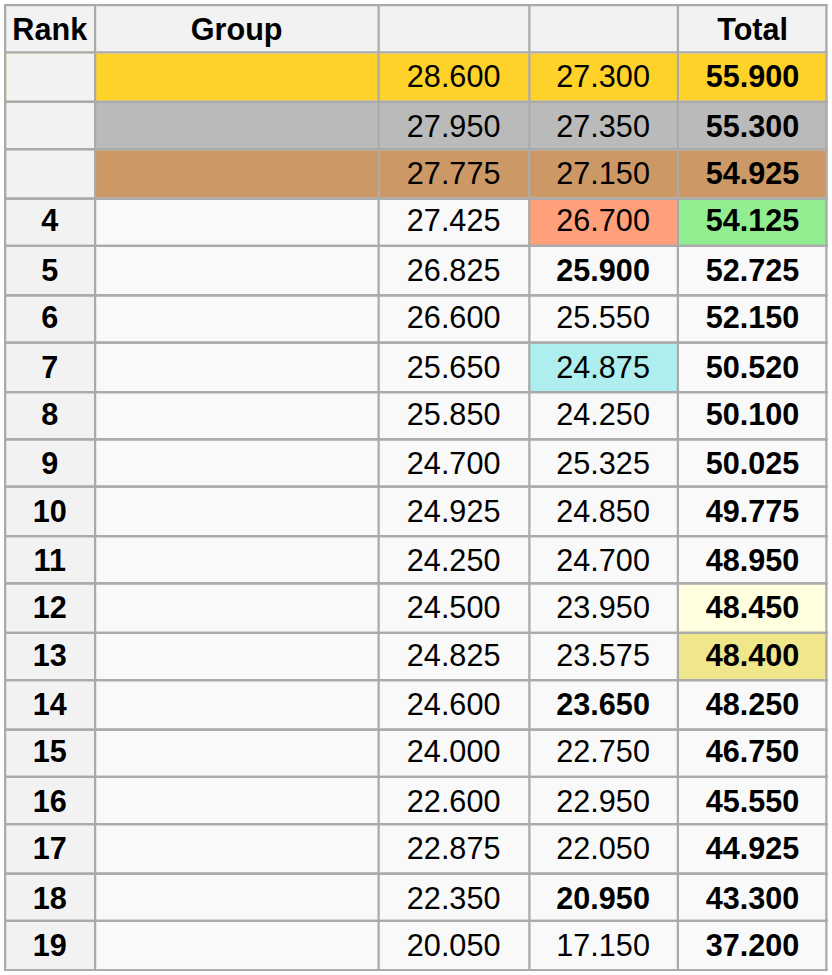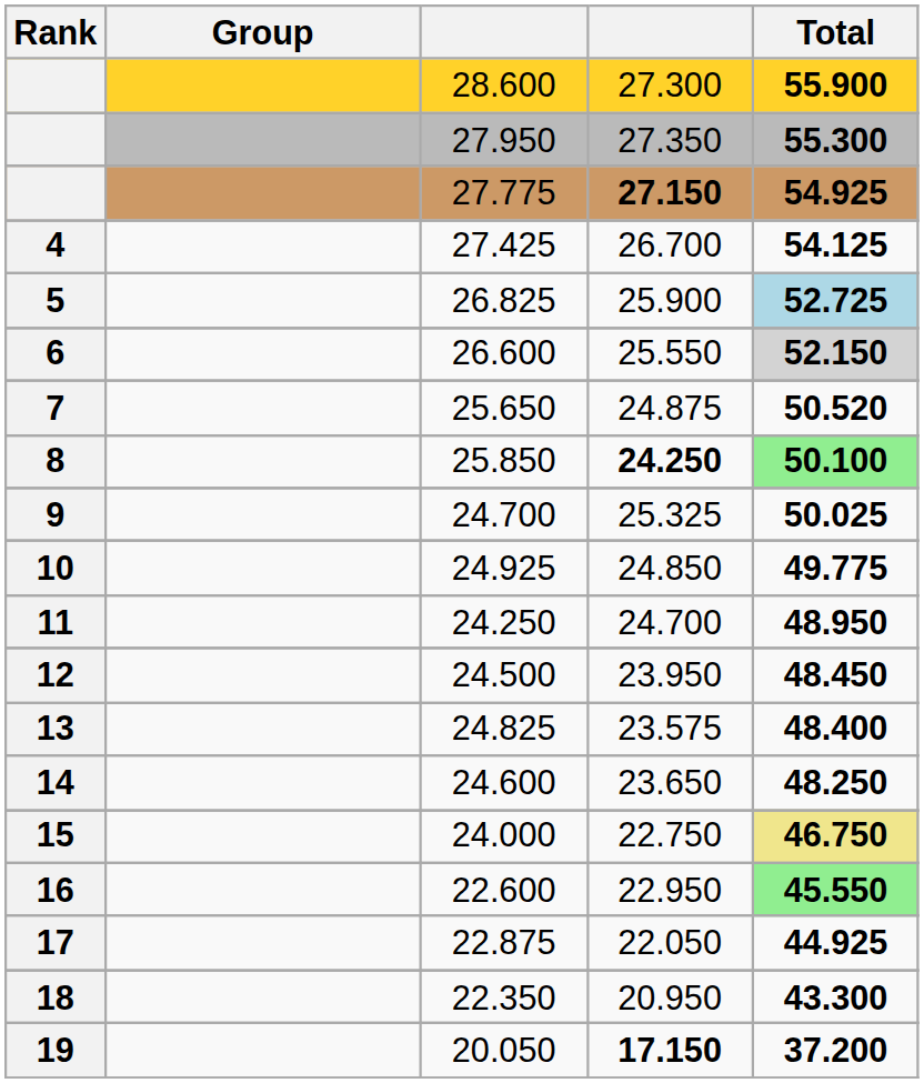 <table class="wikitable sortable" style="text-align:center; font-size:85%">
 <tr>
 <th scope="col" style="width:20px;">Rank</th>
 <th ! scope="col" style="width:120px;">Group</th>
 <th ! scope="col" style="width:60px;"></th>
 <th ! scope="col" style="width:60px;"></th>
 <th ! scope="col" style="width:60px;">Total</th>
 </tr>
 <tr style="background:#ffd229;">
 <th scope=row style="text-align:center"></th>
 <td style="text-align:left;"></td>
 <td>28.600</td>
 <td>27.300</td>
 <td><strong>55.900</strong></td>
 </tr>
 <tr style="background:#ffd229;">
 </tr>
 <tr style="background:#bababa;">
 <th scope=row style="text-align:center"></th>
 <td style="text-align:left;"></td>
 <td>27.950</td>
 <td>27.350</td>
 <td><strong>55.300</strong></td>
 </tr>
 <tr style="background:#bababa;">
 </tr>
 <tr style="background:#cc9966;">
 <th scope=row style="text-align:center"></th>
 <td style="text-align:left;"></td>
 <td>27.775</td>
-<td>27.150</td>
+<td><strong>27.150</strong></td>
 <td><strong>54.925</strong></td>
 </tr>
 <tr style="background:#cc9966;">
 </tr>
 <tr>
 <th scope=row style="text-align:center">4</th>
 <td style="text-align:left;"></td>
 <td>27.425</td>
-<td style="background: lightsalmon;">26.700</td>
-<td style="background: lightgreen;"><strong>54.125</strong></td>
+<td>26.700</td>
+<td><strong>54.125</strong></td>
 </tr>
 <tr style="background:#e5e5e5;">
 </tr>
 <tr>
 <th scope=row style="text-align:center">5</th>
 <td style="text-align:left;"></td>
 <td>26.825</td>
-<td><strong>25.900</strong></td>
-<td><strong>52.725</strong></td>
+<td>25.900</td>
+<td style="background: lightblue;"><strong>52.725</strong></td>
 </tr>
 <tr style="background:#e5e5e5;">
 </tr>
 <tr>
 <th scope=row style="text-align:center">6</th>
 <td style="text-align:left;"></td>
 <td>26.600</td>
 <td>25.550</td>
-<td><strong>52.150</strong></td>
+<td style="background: lightgrey;"><strong>52.150</strong></td>
 </tr>
 <tr style="background:#e5e5e5;">
 </tr>
 <tr>
 <th scope=row style="text-align:center">7</th>
 <td style="text-align:left;"></td>
 <td>25.650</td>
-<td style="background: paleturquoise;">24.875</td>
+<td>24.875</td>
 <td><strong>50.520</strong></td>
 </tr>
 <tr style="background:#e5e5e5;">
 </tr>
 <tr>
 <th scope=row style="text-align:center">8</th>
 <td style="text-align:left;"></td>
 <td>25.850</td>
-<td>24.250</td>
-<td><strong>50.100</strong></td>
+<td><strong>24.250</strong></td>
+<td style="background: lightgreen;"><strong>50.100</strong></td>
 </tr>
 <tr style="background:#e5e5e5;">
 </tr>
 <tr>
 <th scope=row style="text-align:center">9</th>
 <td style="text-align:left;"></td>
 <td>24.700</td>
 <td>25.325</td>
 <td><strong>50.025</strong></td>
 </tr>
 <tr style="background:#e5e5e5;">
 </tr>
 <tr>
 <th scope=row style="text-align:center">10</th>
 <td style="text-align:left;"></td>
 <td>24.925</td>
 <td>24.850</td>
 <td><strong>49.775</strong></td>
 </tr>
 <tr style="background:#e5e5e5;">
 </tr>
 <tr>
 <th scope=row style="text-align:center">11</th>
 <td style="text-align:left;"></td>
 <td>24.250</td>
 <td>24.700</td>
 <td><strong>48.950</strong></td>
 </tr>
 <tr style="background:#e5e5e5;">
 </tr>
 <tr>
 <th scope=row style="text-align:center">12</th>
 <td style="text-align:left;"></td>
 <td>24.500</td>
 <td>23.950</td>
-<td style="background: lightyellow;"><strong>48.450</strong></td>
+<td><strong>48.450</strong></td>
 </tr>
 <tr style="background:#e5e5e5;">
 </tr>
 <tr>
 <th scope=row style="text-align:center">13</th>
 <td style="text-align:left;"></td>
 <td>24.825</td>
 <td>23.575</td>
-<td style="background: khaki;"><strong>48.400</strong></td>
+<td><strong>48.400</strong></td>
 </tr>
 <tr style="background:#e5e5e5;">
 </tr>
 <tr>
 <th scope=row style="text-align:center">14</th>
 <td style="text-align:left;"></td>
 <td>24.600</td>
-<td><strong>23.650</strong></td>
+<td>23.650</td>
 <td><strong>48.250</strong></td>
 </tr>
 <tr style="background:#e5e5e5;">
 </tr>
 <tr>
 <th scope=row style="text-align:center">15</th>
 <td style="text-align:left;"></td>
 <td>24.000</td>
 <td>22.750</td>
-<td><strong>46.750</strong></td>
+<td style="background: khaki;"><strong>46.750</strong></td>
 </tr>
 <tr style="background:#e5e5e5;">
 </tr>
 <tr>
 <th scope=row style="text-align:center">16</th>
 <td style="text-align:left;"></td>
 <td>22.600</td>
 <td>22.950</td>
-<td><strong>45.550</strong></td>
+<td style="background: lightgreen;"><strong>45.550</strong></td>
 </tr>
 <tr style="background:#e5e5e5;">
 </tr>
 <tr>
 <th scope=row style="text-align:center">17</th>
 <td style="text-align:left;"></td>
 <td>22.875</td>
 <td>22.050</td>
 <td><strong>44.925</strong></td>
 </tr>
 <tr style="background:#e5e5e5;">
 </tr>
 <tr>
 <th scope=row style="text-align:center">18</th>
 <td style="text-align:left;"></td>
 <td>22.350</td>
-<td><strong>20.950</strong></td>
+<td>20.950</td>
 <td><strong>43.300</strong></td>
 </tr>
 <tr style="background:#e5e5e5;">
 </tr>
 <tr>
 <th scope=row style="text-align:center">19</th>
 <td style="text-align:left;"></td>
 <td>20.050</td>
-<td>17.150</td>
+<td><strong>17.150</strong></td>
 <td><strong>37.200</strong></td>
 </tr>
 <tr style="background:#e5e5e5;">
 </tr>
 </table>
